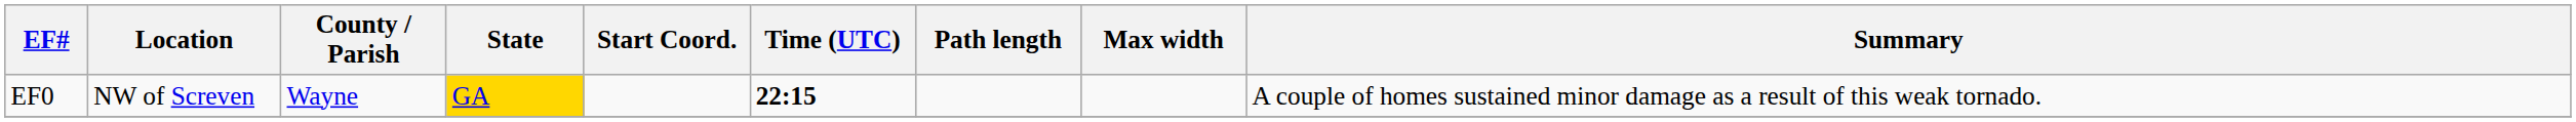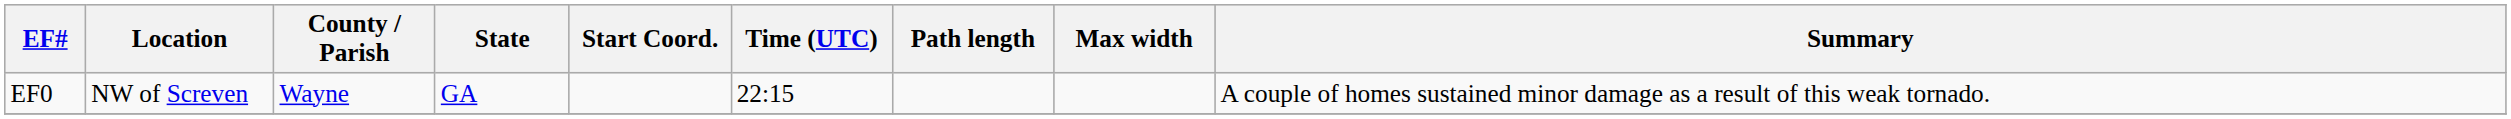 <table class="wikitable sortable" style="width:100%;">
 <tr>
 <th scope="col"  style="width:3%; text-align:center;"><a href='#'>EF#</a></th>
 <th scope="col"  style="width:7%; text-align:center;" class="unsortable">Location</th>
 <th scope="col"  style="width:6%; text-align:center;" class="unsortable">County / Parish</th>
 <th scope="col"  style="width:5%; text-align:center;">State</th>
 <th scope="col"  style="width:6%; text-align:center;">Start Coord.</th>
 <th scope="col"  style="width:6%; text-align:center;">Time (<a href='#'>UTC</a>)</th>
 <th scope="col"  style="width:6%; text-align:center;">Path length</th>
 <th scope="col"  style="width:6%; text-align:center;">Max width</th>
 <th scope="col" class="unsortable" style="width:48%; text-align:center;">Summary</th>
 </tr>
 <tr>
 <td bgcolor=>EF0</td>
 <td>NW of <a href='#'>Screven</a></td>
 <td><a href='#'>Wayne</a></td>
-<td style="background: gold;"><a href='#'>GA</a></td>
+<td><a href='#'>GA</a></td>
 <td></td>
-<td><strong>22:15</strong></td>
+<td>22:15</td>
 <td></td>
 <td></td>
 <td>A couple of homes sustained minor damage as a result of this weak tornado.</td>
 </tr>
 <tr>
 </tr>
 </table>
